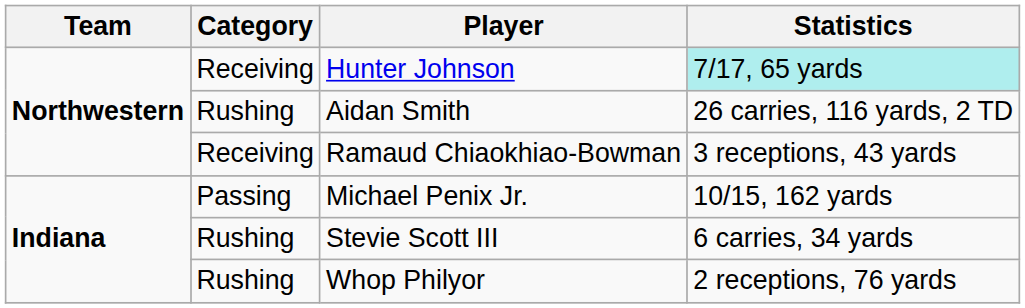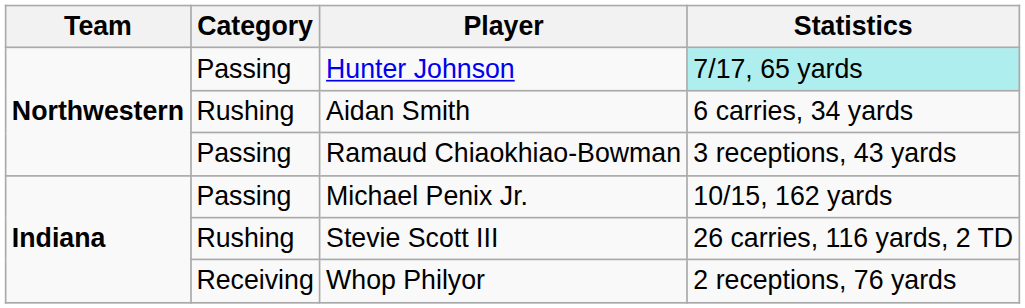 <table class="wikitable" style="float: right;">
 <tr>
 <th>Team</th>
 <th>Category</th>
 <th>Player</th>
 <th>Statistics</th>
 </tr>
 <tr>
 <td rowspan=3><strong>Northwestern</strong></td>
-<td>Receiving</td>
+<td>Passing</td>
 <td><a href='#'>Hunter Johnson</a></td>
 <td style="background: paleturquoise;">7/17, 65 yards</td>
 </tr>
 <tr>
 <td>Rushing</td>
 <td>Aidan Smith</td>
-<td>26 carries, 116 yards, 2 TD</td>
+<td>6 carries, 34 yards</td>
 </tr>
 <tr>
-<td>Receiving</td>
+<td>Passing</td>
 <td>Ramaud Chiaokhiao-Bowman</td>
 <td>3 receptions, 43 yards</td>
 </tr>
 <tr>
 <td rowspan=3><strong>Indiana</strong></td>
 <td>Passing</td>
 <td>Michael Penix Jr.</td>
 <td>10/15, 162 yards</td>
 </tr>
 <tr>
 <td>Rushing</td>
 <td>Stevie Scott III</td>
-<td>6 carries, 34 yards</td>
+<td>26 carries, 116 yards, 2 TD</td>
 </tr>
 <tr>
-<td>Rushing</td>
+<td>Receiving</td>
 <td>Whop Philyor</td>
 <td>2 receptions, 76 yards</td>
 </tr>
 </table>
